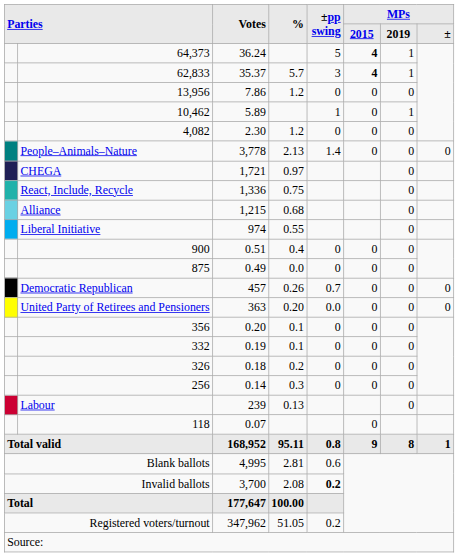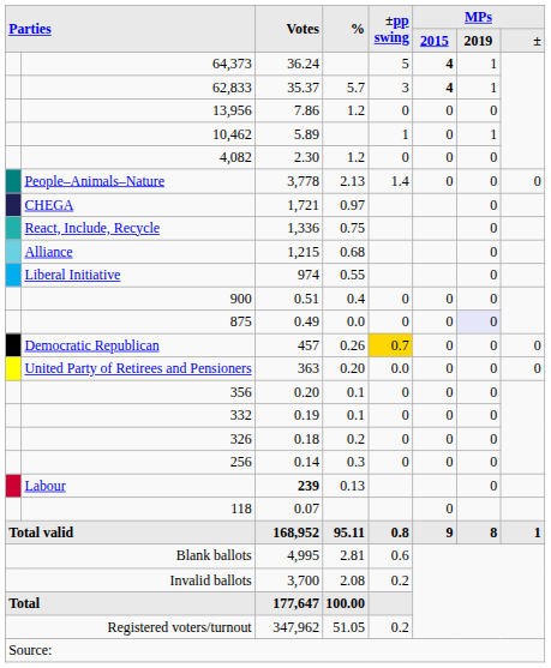 <table class="wikitable" style="text-align:right; font-size:95%;">
 <tr>
 <th rowspan="2" colspan="2" style="background:#e9e9e9; text-align:left;" alignleft><a href='#'>Parties</a></th>
 <th rowspan="2" style="background:#e9e9e9; text-align:right;">Votes</th>
 <th rowspan="2" style="background:#e9e9e9; text-align:right;">%</th>
 <th rowspan="2" style="background:#e9e9e9; text-align:right;">±<a href='#'>pp</a> <a href='#'>swing</a></th>
 <th colspan="3" style="background:#e9e9e9; text-align:center;"><a href='#'>MPs</a></th>
 </tr>
 <tr style="background-color:#E9E9E9">
 <th style="background-color:#E9E9E9;text-align:center;"><a href='#'>2015</a></th>
 <th style="background-color:#E9E9E9;text-align:center;">2019</th>
 <th style="background:#e9e9e9; text-align:right;">±</th>
 </tr>
 <tr>
 <td></td>
 <td>64,373</td>
 <td>36.24</td>
 <td></td>
 <td>5</td>
 <td><strong>4</strong></td>
 <td>1</td>
 </tr>
 <tr>
 <td></td>
 <td>62,833</td>
 <td>35.37</td>
 <td>5.7</td>
 <td>3</td>
 <td><strong>4</strong></td>
 <td>1</td>
 </tr>
 <tr>
 <td></td>
 <td>13,956</td>
 <td>7.86</td>
 <td>1.2</td>
 <td>0</td>
 <td>0</td>
 <td>0</td>
 </tr>
 <tr>
 <td></td>
 <td>10,462</td>
 <td>5.89</td>
 <td></td>
 <td>1</td>
 <td>0</td>
 <td>1</td>
 </tr>
 <tr>
 <td></td>
 <td>4,082</td>
 <td>2.30</td>
 <td>1.2</td>
 <td>0</td>
 <td>0</td>
 <td>0</td>
 </tr>
 <tr>
 <td style="width: 10px" bgcolor="teal" align="center"></td>
 <td align="left"><a href='#'>People–Animals–Nature</a></td>
 <td>3,778</td>
 <td>2.13</td>
 <td>1.4</td>
 <td>0</td>
 <td>0</td>
 <td>0</td>
 </tr>
 <tr>
 <td style="width: 10px" bgcolor="#202056" align="center"></td>
 <td align="left"><a href='#'>CHEGA</a></td>
 <td>1,721</td>
 <td>0.97</td>
 <td></td>
 <td></td>
 <td>0</td>
 <td></td>
 </tr>
 <tr>
 <td style="width: 10px" bgcolor=LightSeaGreen align="center"></td>
 <td align=left><a href='#'>React, Include, Recycle</a></td>
 <td>1,336</td>
 <td>0.75</td>
 <td></td>
 <td></td>
 <td>0</td>
 <td></td>
 </tr>
 <tr>
 <td style="width: 10px" bgcolor="#6AD1E3" align="center"></td>
 <td align="left"><a href='#'>Alliance</a></td>
 <td>1,215</td>
 <td>0.68</td>
 <td></td>
 <td></td>
 <td>0</td>
 <td></td>
 </tr>
 <tr>
 <td style="width: 10px" bgcolor="#00ADEF" align="center"></td>
 <td align="left"><a href='#'>Liberal Initiative</a></td>
 <td>974</td>
 <td>0.55</td>
 <td></td>
 <td></td>
 <td>0</td>
 <td></td>
 </tr>
 <tr>
 <td></td>
 <td>900</td>
 <td>0.51</td>
 <td>0.4</td>
 <td>0</td>
 <td>0</td>
 <td>0</td>
 </tr>
 <tr>
 <td></td>
 <td>875</td>
 <td>0.49</td>
 <td>0.0</td>
 <td>0</td>
 <td>0</td>
-<td>0</td>
+<td style="background: lavender;">0</td>
 </tr>
 <tr>
 <td style="width: 10px" bgcolor=black align="center"></td>
 <td align=left><a href='#'>Democratic Republican</a></td>
 <td>457</td>
 <td>0.26</td>
-<td>0.7</td>
+<td style="background: gold;">0.7</td>
 <td>0</td>
 <td>0</td>
 <td>0</td>
 </tr>
 <tr>
 <td style="width: 10px" bgcolor=yellow align="center"></td>
 <td align=left><a href='#'>United Party of Retirees and Pensioners</a></td>
 <td>363</td>
 <td>0.20</td>
 <td>0.0</td>
 <td>0</td>
 <td>0</td>
 <td>0</td>
 </tr>
 <tr>
 <td></td>
 <td>356</td>
 <td>0.20</td>
 <td>0.1</td>
 <td>0</td>
 <td>0</td>
 <td>0</td>
 </tr>
 <tr>
 <td></td>
 <td>332</td>
 <td>0.19</td>
 <td>0.1</td>
 <td>0</td>
 <td>0</td>
 <td>0</td>
 </tr>
 <tr>
 <td></td>
 <td>326</td>
 <td>0.18</td>
 <td>0.2</td>
 <td>0</td>
 <td>0</td>
 <td>0</td>
 </tr>
 <tr>
 <td></td>
 <td>256</td>
 <td>0.14</td>
 <td>0.3</td>
 <td>0</td>
 <td>0</td>
 <td>0</td>
 </tr>
 <tr>
 <td style="width: 10px" bgcolor=#CC0033 align="center"></td>
 <td align=left><a href='#'>Labour</a></td>
-<td>239</td>
+<td><strong>239</strong></td>
 <td>0.13</td>
 <td></td>
 <td></td>
 <td>0</td>
 <td></td>
 </tr>
 <tr>
 <td></td>
 <td>118</td>
 <td>0.07</td>
 <td></td>
 <td></td>
 <td>0</td>
 <td></td>
 </tr>
 <tr>
 <td colspan=2 align=left style="background-color:#E9E9E9"><strong>Total valid</strong></td>
 <td width="65" align="right" style="background-color:#E9E9E9"><strong>168,952</strong></td>
 <td width="40" align="right" style="background-color:#E9E9E9"><strong>95.11</strong></td>
 <td width="40" align="right" style="background-color:#E9E9E9"><strong>0.8</strong></td>
 <td width="40" align="right" style="background-color:#E9E9E9"><strong>9</strong></td>
 <td width="40" align="right" style="background-color:#E9E9E9"><strong>8</strong></td>
 <td width="40" align="right" style="background-color:#E9E9E9"><strong>1</strong></td>
 </tr>
 <tr>
 <td colspan=2>Blank ballots</td>
 <td>4,995</td>
 <td>2.81</td>
 <td>0.6</td>
 <td colspan=4 rowspan=4></td>
 </tr>
 <tr>
 <td colspan=2>Invalid ballots</td>
 <td>3,700</td>
 <td>2.08</td>
-<td><strong>0.2</strong></td>
+<td>0.2</td>
 </tr>
 <tr>
 <td colspan=2 width="259" align=left style="background-color:#E9E9E9"><strong>Total</strong></td>
 <td width="50" align="right" style="background-color:#E9E9E9"><strong>177,647</strong></td>
 <td width="40" align="right" style="background-color:#E9E9E9"><strong>100.00</strong></td>
 <td width="40" align="right" style="background-color:#E9E9E9"></td>
 </tr>
 <tr>
 <td colspan=2>Registered voters/turnout</td>
 <td>347,962</td>
 <td>51.05</td>
 <td>0.2</td>
 </tr>
 <tr>
 <td colspan=11 align=left>Source: </td>
 </tr>
 </table>
